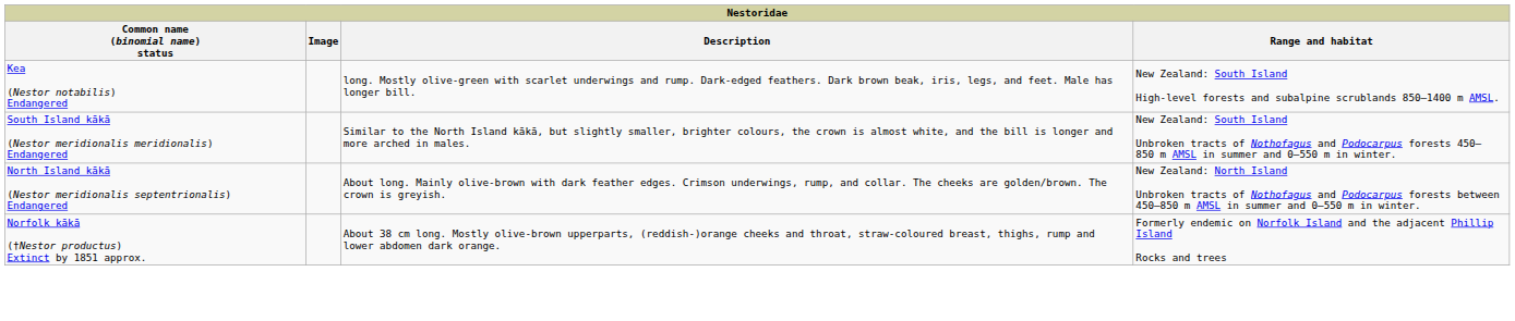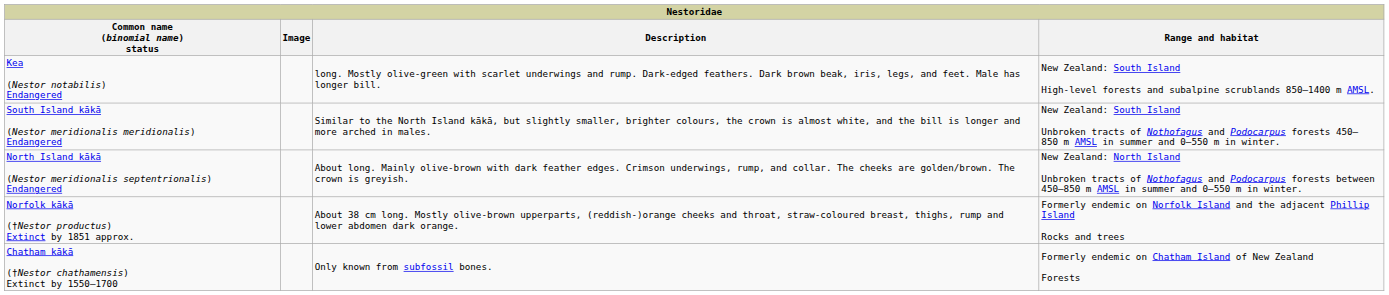 <table style="width:98%;" class="wikitable" border="1">
 <tr>
 <th align="center" style="background-color: #D3D3A4" colspan ="4"><strong>Nestoridae</strong></th>
 </tr>
 <tr>
 <th width = "20%">Common name<br>(<em>binomial name</em>)<br>status</th>
 <th>Image</th>
 <th align="center">Description</th>
 <th width = "25%">Range and habitat</th>
 </tr>
 <tr>
 <td><a href='#'>Kea</a><br><br>(<em>Nestor notabilis</em>)<br> <a href='#'>Endangered</a></td>
 <td></td>
 <td> long. Mostly olive-green with scarlet underwings and rump. Dark-edged feathers. Dark brown beak, iris, legs, and feet. Male has longer bill.</td>
 <td>New Zealand: <a href='#'>South Island</a><br><br>High-level forests and subalpine scrublands 850–1400 m <a href='#'>AMSL</a>.</td>
 </tr>
 <tr>
 <td><a href='#'>South Island kākā</a><br><br>(<em>Nestor meridionalis meridionalis</em>)<br> <a href='#'>Endangered</a></td>
 <td></td>
 <td>Similar to the North Island kākā, but slightly smaller, brighter colours, the crown is almost white, and the bill is longer and more arched in males.</td>
 <td>New Zealand: <a href='#'>South Island</a><br><br>Unbroken tracts of <em><a href='#'>Nothofagus</a></em> and <em><a href='#'>Podocarpus</a></em> forests 450–850 m <a href='#'>AMSL</a> in summer and 0–550 m in winter.</td>
 </tr>
 <tr>
 <td><a href='#'>North Island kākā</a><br><br>(<em>Nestor meridionalis septentrionalis</em>)<br> <a href='#'>Endangered</a></td>
 <td></td>
 <td>About  long. Mainly olive-brown with dark feather edges. Crimson underwings, rump, and collar. The cheeks are golden/brown. The crown is greyish.</td>
 <td>New Zealand: <a href='#'>North Island</a><br><br>Unbroken tracts of <em><a href='#'>Nothofagus</a></em> and <em><a href='#'>Podocarpus</a></em> forests between 450–850 m <a href='#'>AMSL</a> in summer and 0–550 m in winter.</td>
 </tr>
 <tr>
 <td><a href='#'>Norfolk kākā</a><br><br>(†<em>Nestor productus</em>)<br> <a href='#'>Extinct</a> by 1851 approx.</td>
 <td></td>
 <td>About 38 cm long. Mostly olive-brown upperparts, (reddish-)orange cheeks and throat, straw-coloured breast, thighs, rump and lower abdomen dark orange.</td>
 <td>Formerly endemic on <a href='#'>Norfolk Island</a> and the adjacent <a href='#'>Phillip Island</a><br><br>Rocks and trees</td>
 </tr>
+<tr>
+<td><a href='#'>Chatham kākā</a><br><br>(†<em>Nestor chathamensis</em>)<br> Extinct by 1550–1700</td>
+<td></td>
+<td>Only known from <a href='#'>subfossil</a> bones.</td>
+<td>Formerly endemic on <a href='#'>Chatham Island</a> of New Zealand<br><br>Forests</td>
+</tr>
 </table>
